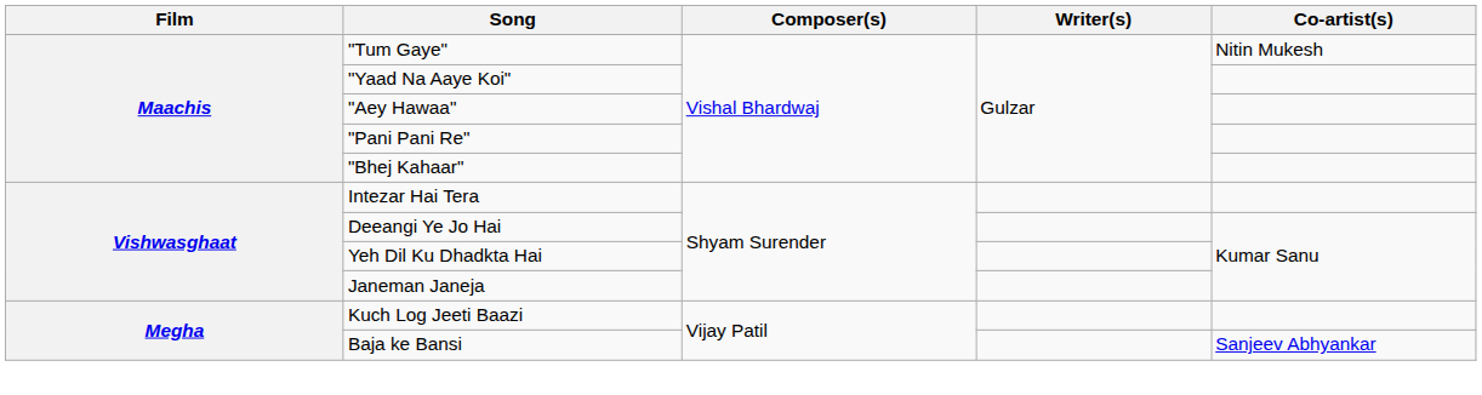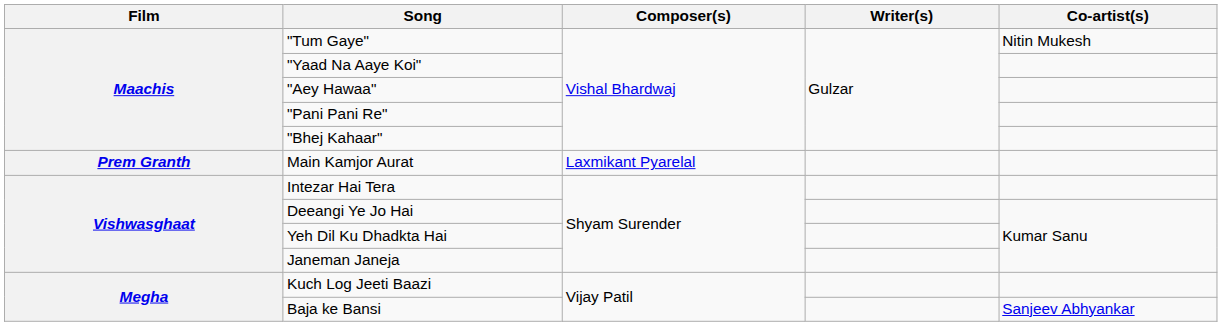 <table class="wikitable plainrowheaders" style="width:100%; textcolor:#000">
 <tr style="background:#b0e0e66;">
 <th scope="col" style="width:23%;"><strong>Film</strong></th>
 <th scope="col" style="width:23%;"><strong>Song</strong></th>
 <th scope="col" style="width:20%;"><strong>Composer(s)</strong></th>
 <th scope="col" style="width:16%;"><strong>Writer(s)</strong></th>
 <th scope="col" style="width:18%;"><strong>Co-artist(s)</strong></th>
 </tr>
 <tr>
 <th Rowspan=5><em><a href='#'>Maachis</a></em></th>
 <td>"Tum Gaye"</td>
 <td rowspan=5><a href='#'>Vishal Bhardwaj</a></td>
 <td rowspan=5>Gulzar</td>
 <td>Nitin Mukesh</td>
 </tr>
 <tr>
 <td>"Yaad Na Aaye Koi"</td>
 <td></td>
 </tr>
 <tr>
 <td>"Aey Hawaa"</td>
 <td></td>
 </tr>
 <tr>
 <td>"Pani Pani Re"</td>
 <td></td>
 </tr>
 <tr>
 <td>"Bhej Kahaar"</td>
+<td></td>
+</tr>
+<tr>
+<th><em><a href='#'>Prem Granth</a></em></th>
+<td>Main Kamjor Aurat</td>
+<td><a href='#'>Laxmikant Pyarelal</a></td>
+<td></td>
 <td></td>
 </tr>
 <tr>
 <th Rowspan=4><em><a href='#'>Vishwasghaat</a></em></th>
 <td>Intezar Hai Tera</td>
 <td rowspan=4>Shyam Surender</td>
 <td></td>
 <td></td>
 </tr>
 <tr>
 <td>Deeangi Ye Jo Hai</td>
 <td></td>
 <td rowspan=3>Kumar Sanu</td>
 </tr>
 <tr>
 <td>Yeh Dil Ku Dhadkta Hai</td>
 <td></td>
 </tr>
 <tr>
 <td>Janeman Janeja</td>
 <td></td>
 </tr>
 <tr>
 <th Rowspan=2><em><a href='#'>Megha</a></em></th>
 <td>Kuch Log Jeeti Baazi</td>
 <td rowspan=2>Vijay Patil</td>
 <td></td>
 <td></td>
 </tr>
 <tr>
 <td>Baja ke Bansi</td>
 <td></td>
 <td><a href='#'>Sanjeev Abhyankar</a></td>
 </tr>
 </table>
